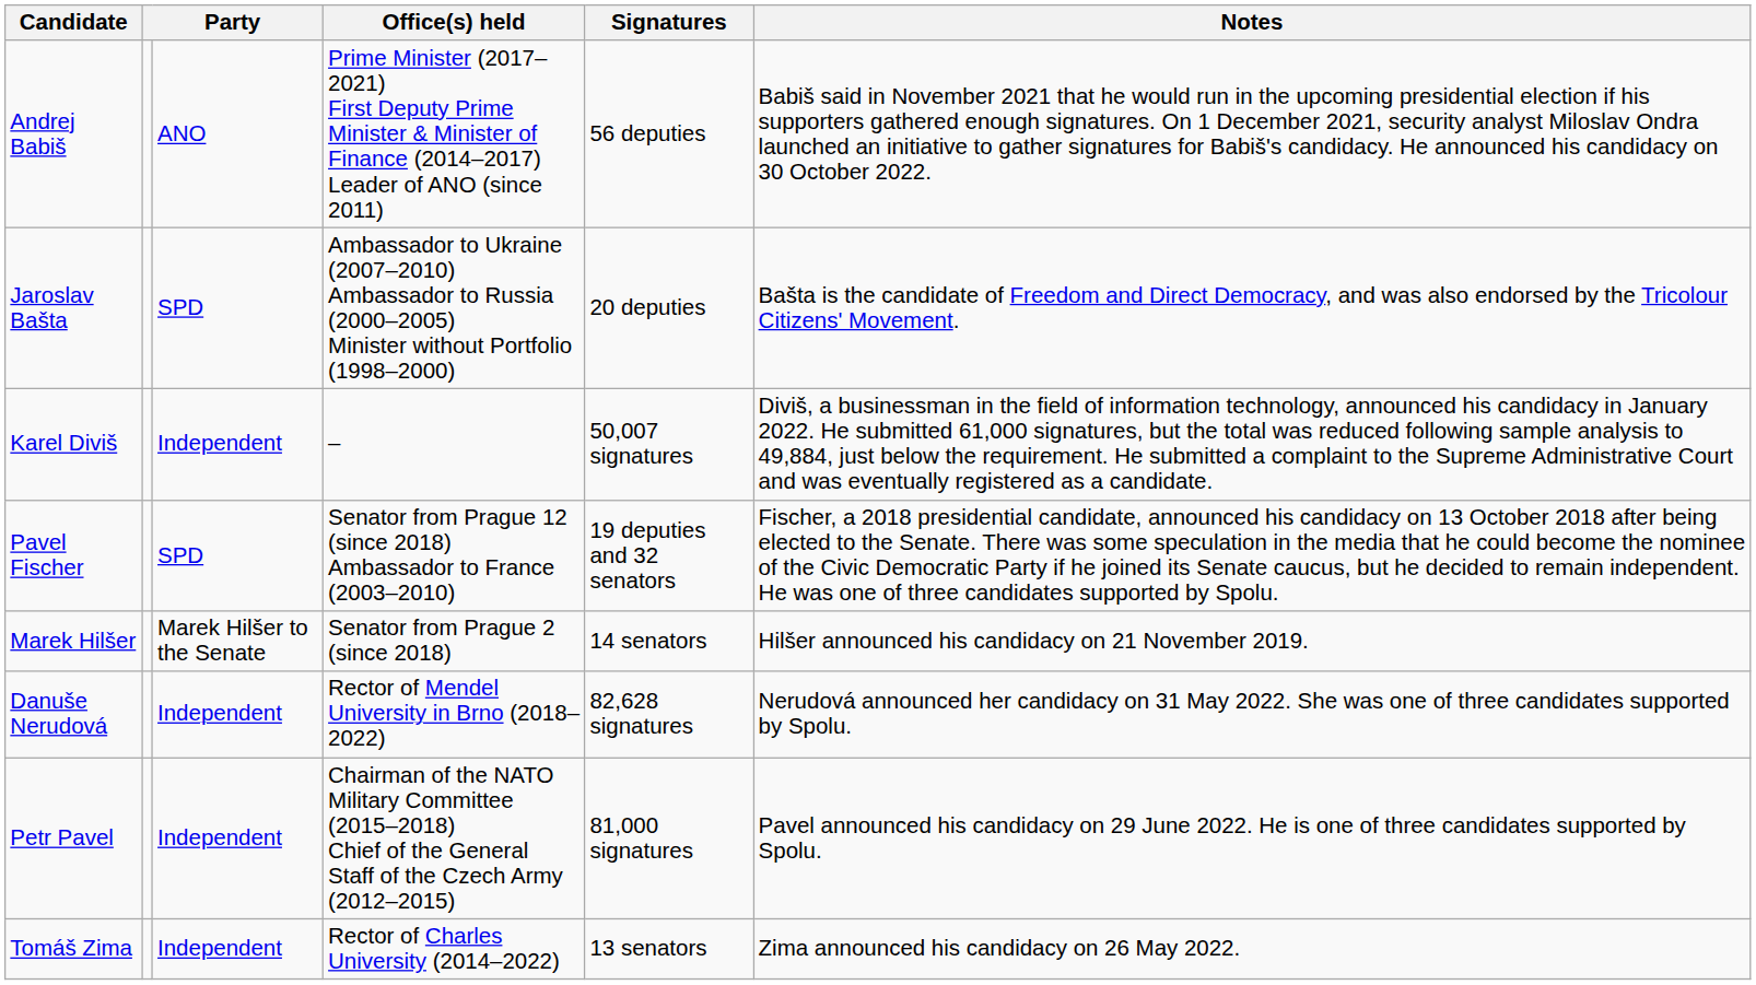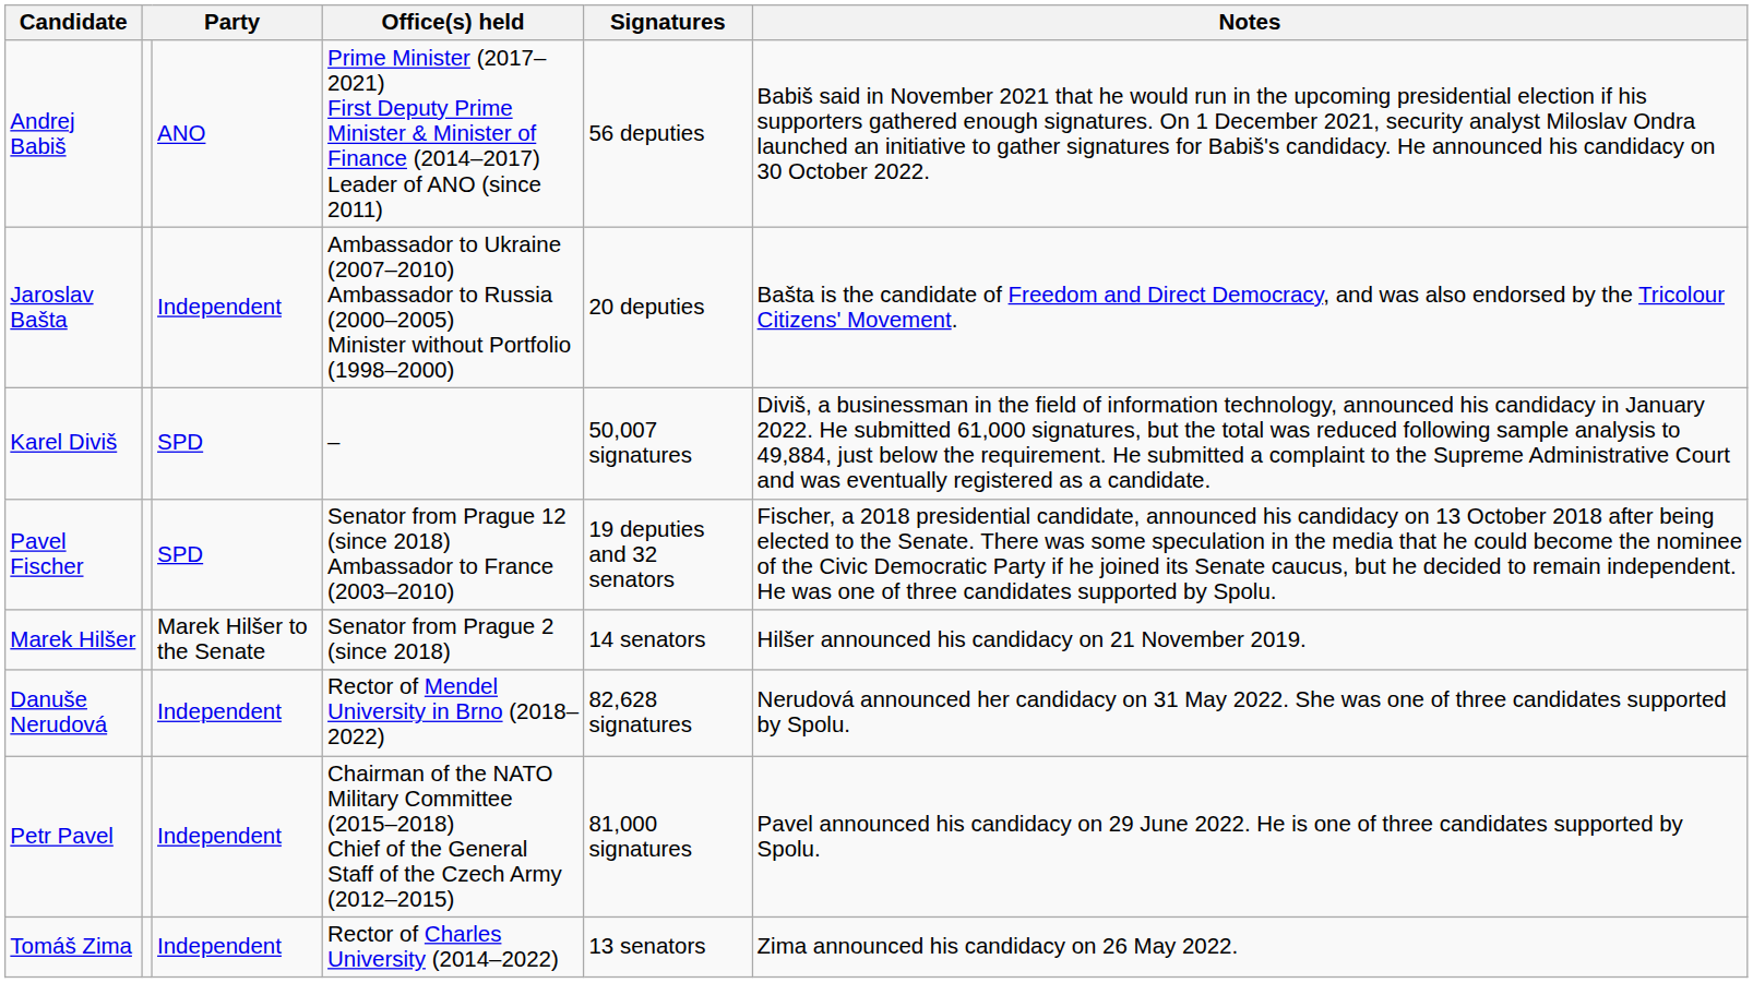 <table class="wikitable">
 <tr>
 <th>Candidate</th>
 <th colspan="2">Party</th>
 <th>Office(s) held</th>
 <th>Signatures</th>
 <th>Notes</th>
 </tr>
 <tr>
 <td><a href='#'>Andrej Babiš</a></td>
 <td style="color:inherit;background:"></td>
 <td><a href='#'>ANO</a></td>
 <td><a href='#'>Prime Minister</a> (2017–2021)<br><a href='#'>First Deputy Prime Minister & Minister of Finance</a> (2014–2017)<br>Leader of ANO (since 2011)</td>
 <td>56 deputies</td>
 <td>Babiš said in November 2021 that he would run in the upcoming presidential election if his supporters gathered enough signatures. On 1 December 2021, security analyst Miloslav Ondra launched an initiative to gather signatures for Babiš's candidacy. He announced his candidacy on 30 October 2022.</td>
 </tr>
 <tr>
 <td><a href='#'>Jaroslav Bašta</a></td>
 <td style="color:inherit;background:"></td>
-<td><a href='#'>SPD</a></td>
+<td><a href='#'>Independent</a></td>
 <td>Ambassador to Ukraine (2007–2010)<br>Ambassador to Russia (2000–2005)<br>Minister without Portfolio (1998–2000)</td>
 <td>20 deputies</td>
 <td>Bašta is the candidate of <a href='#'>Freedom and Direct Democracy</a>, and was also endorsed by the <a href='#'>Tricolour Citizens' Movement</a>.</td>
 </tr>
 <tr>
 <td><a href='#'>Karel Diviš</a></td>
 <td style="color:inherit;background:"></td>
-<td><a href='#'>Independent</a></td>
+<td><a href='#'>SPD</a></td>
 <td>–</td>
 <td>50,007 signatures</td>
 <td>Diviš, a businessman in the field of information technology, announced his candidacy in January 2022. He submitted 61,000 signatures, but the total was reduced following sample analysis to 49,884, just below the requirement. He submitted a complaint to the Supreme Administrative Court and was eventually registered as a candidate.</td>
 </tr>
 <tr>
 <td><a href='#'>Pavel Fischer</a></td>
 <td style="color:inherit;background:"></td>
 <td><a href='#'>SPD</a></td>
 <td>Senator from Prague 12 (since 2018)<br>Ambassador to France (2003–2010)</td>
 <td>19 deputies and 32 senators</td>
 <td>Fischer, a 2018 presidential candidate, announced his candidacy on 13 October 2018 after being elected to the Senate. There was some speculation in the media that he could become the nominee of the Civic Democratic Party if he joined its Senate caucus, but he decided to remain independent. He was one of three candidates supported by Spolu.</td>
 </tr>
 <tr>
 <td><a href='#'>Marek Hilšer</a></td>
 <td style="color:inherit;background:"></td>
 <td>Marek Hilšer to the Senate</td>
 <td>Senator from Prague 2 (since 2018)</td>
 <td>14 senators</td>
 <td>Hilšer announced his candidacy on 21 November 2019.</td>
 </tr>
 <tr>
 <td><a href='#'>Danuše Nerudová</a></td>
 <td style="color:inherit;background:"></td>
 <td><a href='#'>Independent</a></td>
 <td>Rector of <a href='#'>Mendel University in Brno</a> (2018–2022)</td>
 <td>82,628 signatures</td>
 <td>Nerudová announced her candidacy on 31 May 2022. She was one of three candidates supported by Spolu.</td>
 </tr>
 <tr>
 <td><a href='#'>Petr Pavel</a></td>
 <td style="color:inherit;background:"></td>
 <td><a href='#'>Independent</a></td>
 <td>Chairman of the NATO Military Committee (2015–2018)<br>Chief of the General Staff of the Czech Army (2012–2015)</td>
 <td>81,000 signatures</td>
 <td>Pavel announced his candidacy on 29 June 2022. He is one of three candidates supported by Spolu.</td>
 </tr>
 <tr>
 <td><a href='#'>Tomáš Zima</a></td>
 <td style="color:inherit;background:"></td>
 <td><a href='#'>Independent</a></td>
 <td>Rector of <a href='#'>Charles University</a> (2014–2022)</td>
 <td>13 senators</td>
 <td>Zima announced his candidacy on 26 May 2022.</td>
 </tr>
 </table>
